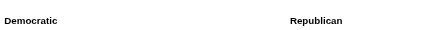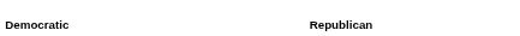 <table style="width:70%; text-align:center">
 <tr style="color:white">
 <td style="background:"><strong>242</strong></td>
+<td style="background:"><strong>191</strong></td>
 <td style="background:"><strong>2</strong></td>
-<td style="background:"><strong>191</strong></td>
 </tr>
 <tr>
 <td><span><strong>Democratic</strong></span></td>
+<td><span><strong>Republican</strong></span></td>
 <td></td>
-<td><span><strong>Republican</strong></span></td>
 </tr>
 </table>
